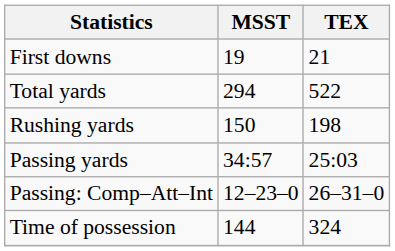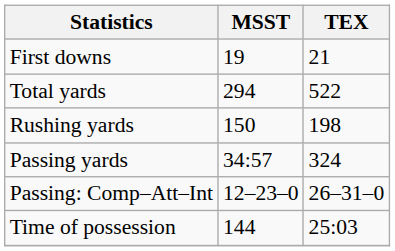 <table class="wikitable" style="float: left;">
 <tr>
 <th>Statistics</th>
 <th>MSST</th>
 <th>TEX</th>
 </tr>
 <tr>
 <td>First downs</td>
 <td>19</td>
 <td>21</td>
 </tr>
 <tr>
 <td>Total yards</td>
 <td>294</td>
 <td>522</td>
 </tr>
 <tr>
 <td>Rushing yards</td>
 <td>150</td>
 <td>198</td>
 </tr>
 <tr>
 <td>Passing yards</td>
 <td>34:57</td>
-<td>25:03</td>
+<td>324</td>
 </tr>
 <tr>
 <td>Passing: Comp–Att–Int</td>
 <td>12–23–0</td>
 <td>26–31–0</td>
 </tr>
 <tr>
 <td>Time of possession</td>
 <td>144</td>
-<td>324</td>
+<td>25:03</td>
 </tr>
 <tr>
 </tr>
 </table>
